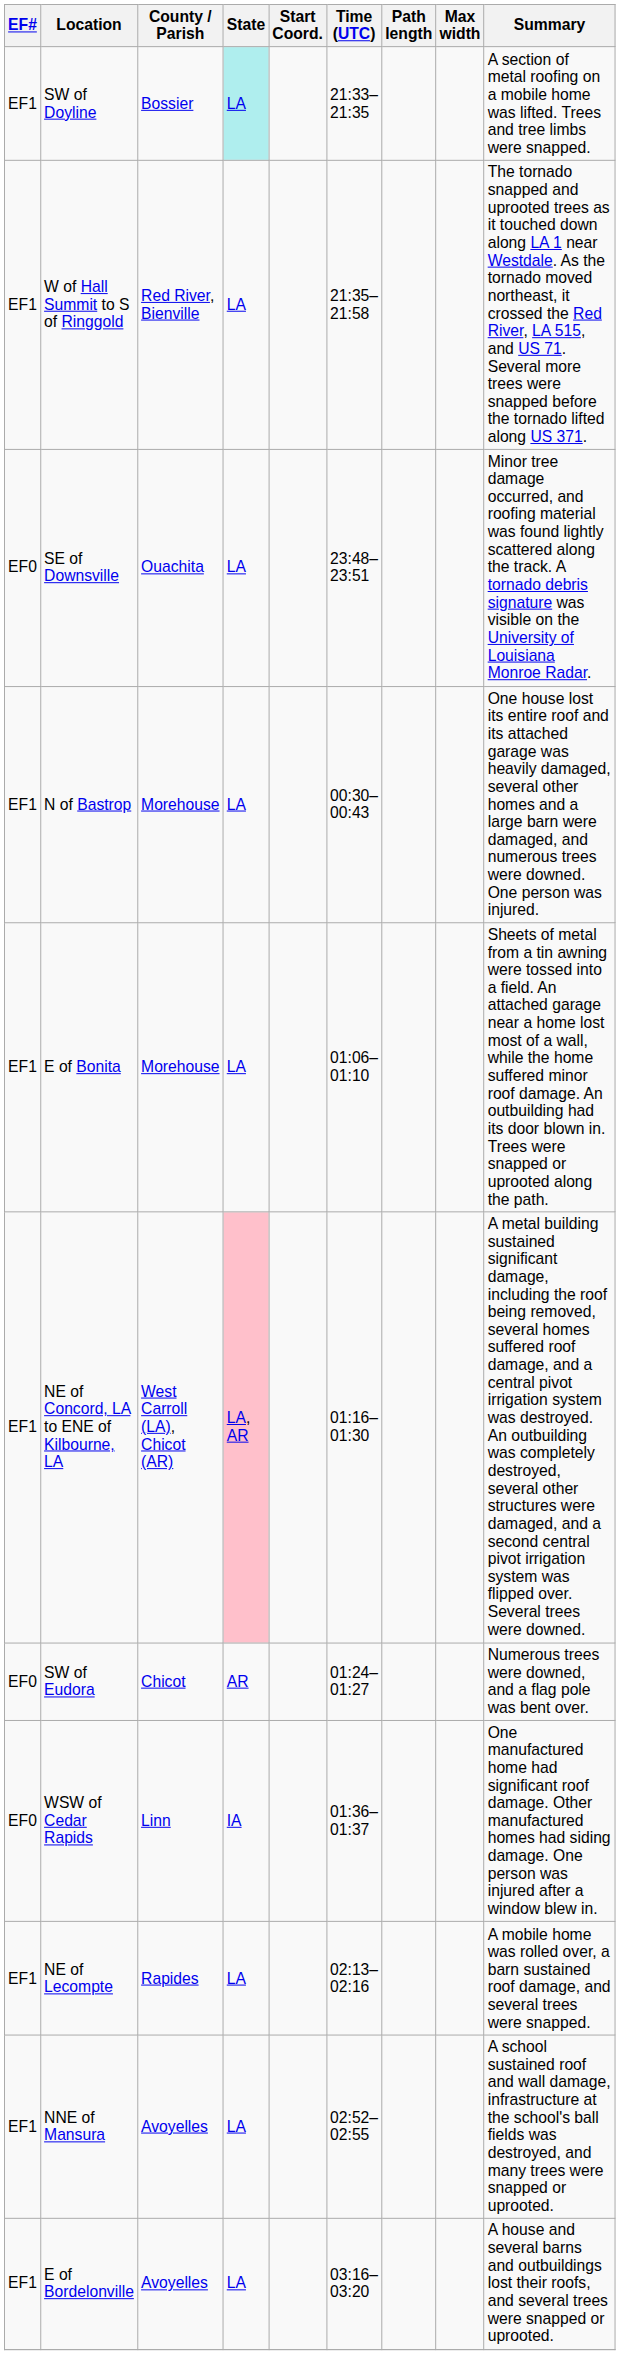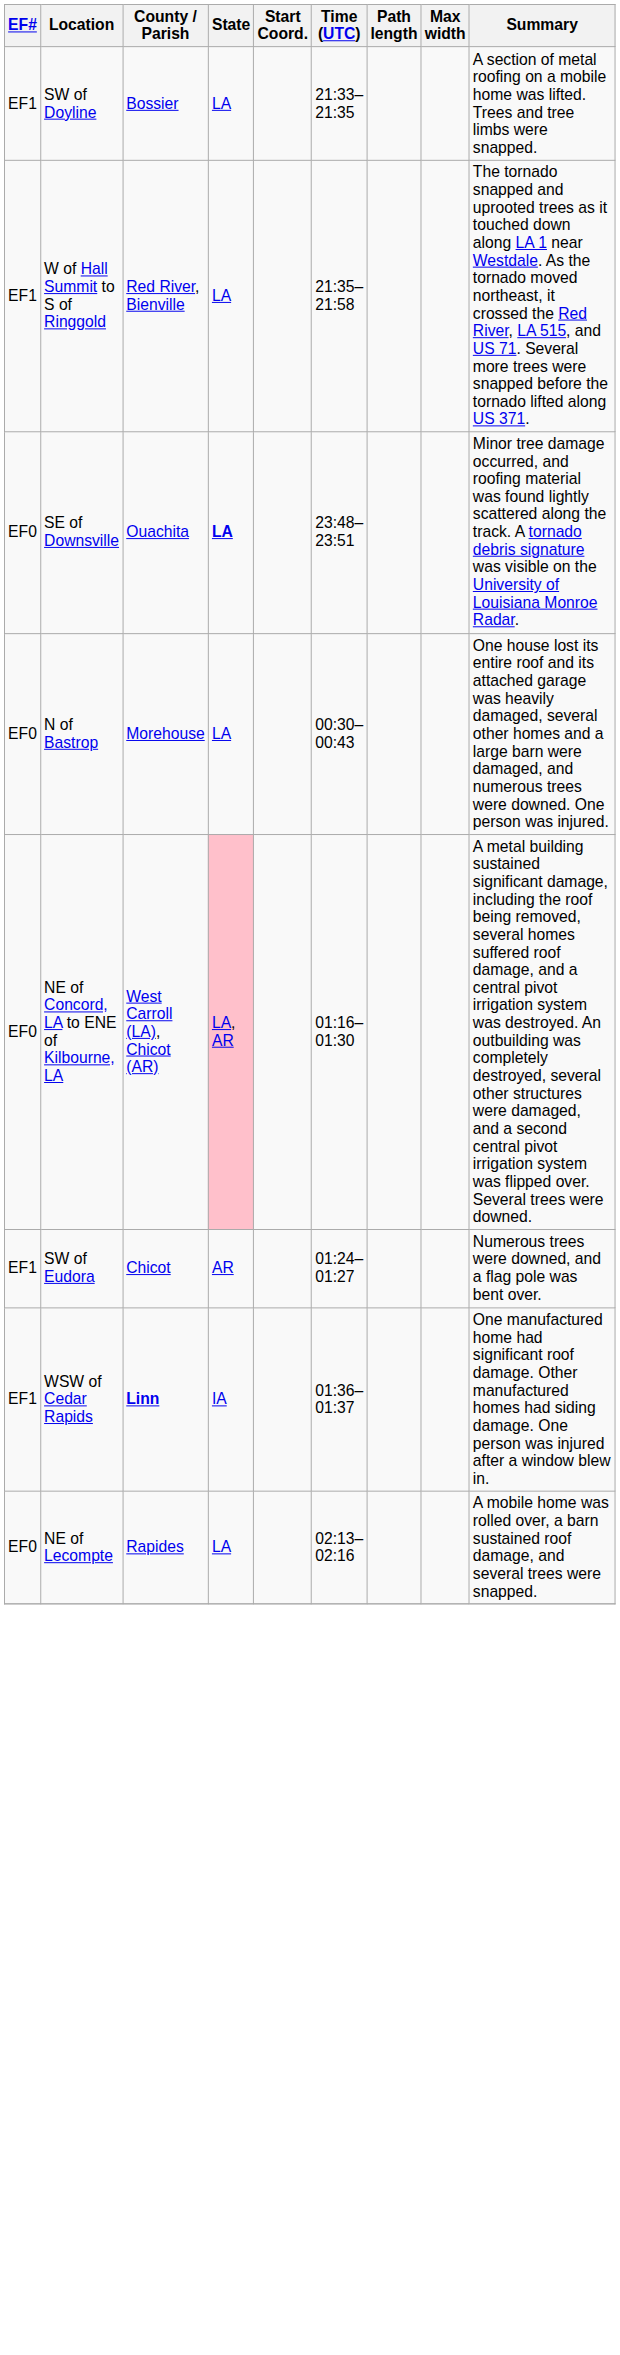 <table class="wikitable sortable" style="width:100%;">
 <tr>
 <th scope="col"  style="width:3%; text-align:center;"><a href='#'>EF#</a></th>
 <th scope="col"  style="width:7%; text-align:center;" class="unsortable">Location</th>
 <th scope="col"  style="width:6%; text-align:center;" class="unsortable">County / Parish</th>
 <th scope="col"  style="width:5%; text-align:center;">State</th>
 <th scope="col"  style="width:6%; text-align:center;">Start Coord.</th>
 <th scope="col"  style="width:6%; text-align:center;">Time (<a href='#'>UTC</a>)</th>
 <th scope="col"  style="width:6%; text-align:center;">Path length</th>
 <th scope="col"  style="width:6%; text-align:center;">Max width</th>
 <th scope="col" class="unsortable" style="width:48%; text-align:center;">Summary</th>
 </tr>
 <tr>
 <td>EF1</td>
 <td>SW of <a href='#'>Doyline</a></td>
 <td><a href='#'>Bossier</a></td>
-<td style="background: paleturquoise;"><a href='#'>LA</a></td>
+<td><a href='#'>LA</a></td>
 <td></td>
 <td>21:33–21:35</td>
 <td></td>
 <td></td>
 <td>A section of metal roofing on a mobile home was lifted. Trees and tree limbs were snapped.</td>
 </tr>
 <tr>
 <td>EF1</td>
 <td>W of <a href='#'>Hall Summit</a> to S of <a href='#'>Ringgold</a></td>
 <td><a href='#'>Red River</a>, <a href='#'>Bienville</a></td>
 <td><a href='#'>LA</a></td>
 <td></td>
 <td>21:35–21:58</td>
 <td></td>
 <td></td>
 <td>The tornado snapped and uprooted trees as it touched down along <a href='#'>LA 1</a> near <a href='#'>Westdale</a>. As the tornado moved northeast, it crossed the <a href='#'>Red River</a>, <a href='#'>LA 515</a>, and <a href='#'>US 71</a>. Several more trees were snapped before the tornado lifted along <a href='#'>US 371</a>.</td>
 </tr>
 <tr>
 <td>EF0</td>
 <td>SE of <a href='#'>Downsville</a></td>
 <td><a href='#'>Ouachita</a></td>
-<td><a href='#'>LA</a></td>
+<td><strong><a href='#'>LA</a></strong></td>
 <td></td>
 <td>23:48–23:51</td>
 <td></td>
 <td></td>
 <td>Minor tree damage occurred, and roofing material was found lightly scattered along the track. A <a href='#'>tornado debris signature</a> was visible on the <a href='#'>University of Louisiana Monroe Radar</a>.</td>
 </tr>
 <tr>
-<td>EF1</td>
+<td>EF0</td>
 <td>N of <a href='#'>Bastrop</a></td>
 <td><a href='#'>Morehouse</a></td>
 <td><a href='#'>LA</a></td>
 <td></td>
 <td>00:30–00:43</td>
 <td></td>
 <td></td>
 <td>One house lost its entire roof and its attached garage was heavily damaged, several other homes and a large barn were damaged, and numerous trees were downed. One person was injured.</td>
 </tr>
 <tr>
-<td>EF1</td>
-<td>E of <a href='#'>Bonita</a></td>
-<td><a href='#'>Morehouse</a></td>
-<td><a href='#'>LA</a></td>
-<td></td>
-<td>01:06–01:10</td>
-<td></td>
-<td></td>
-<td>Sheets of metal from a tin awning were tossed into a field. An attached garage near a home lost most of a wall, while the home suffered minor roof damage. An outbuilding had its door blown in. Trees were snapped or uprooted along the path.</td>
-</tr>
-<tr>
-<td>EF1</td>
+<td>EF0</td>
 <td>NE of <a href='#'>Concord, LA</a> to ENE of <a href='#'>Kilbourne, LA</a></td>
 <td><a href='#'>West Carroll (LA)</a>, <a href='#'>Chicot (AR)</a></td>
 <td style="background: pink;"><a href='#'>LA</a>, <a href='#'>AR</a></td>
 <td></td>
 <td>01:16–01:30</td>
 <td></td>
 <td></td>
 <td>A metal building sustained significant damage, including the roof being removed, several homes suffered roof damage, and a central pivot irrigation system was destroyed. An outbuilding was completely destroyed, several other structures were damaged, and a second central pivot irrigation system was flipped over. Several trees were downed.</td>
 </tr>
 <tr>
-<td>EF0</td>
+<td>EF1</td>
 <td>SW of <a href='#'>Eudora</a></td>
 <td><a href='#'>Chicot</a></td>
 <td><a href='#'>AR</a></td>
 <td></td>
 <td>01:24–01:27</td>
 <td></td>
 <td></td>
 <td>Numerous trees were downed, and a flag pole was bent over.</td>
 </tr>
 <tr>
-<td>EF0</td>
+<td>EF1</td>
 <td>WSW of <a href='#'>Cedar Rapids</a></td>
-<td><a href='#'>Linn</a></td>
+<td><strong><a href='#'>Linn</a></strong></td>
 <td><a href='#'>IA</a></td>
 <td></td>
 <td>01:36–01:37</td>
 <td></td>
 <td></td>
 <td>One manufactured home had significant roof damage. Other manufactured homes had siding damage. One person was injured after a window blew in.</td>
 </tr>
 <tr>
-<td>EF1</td>
+<td>EF0</td>
 <td>NE of <a href='#'>Lecompte</a></td>
 <td><a href='#'>Rapides</a></td>
 <td><a href='#'>LA</a></td>
 <td></td>
 <td>02:13–02:16</td>
 <td></td>
 <td></td>
 <td>A mobile home was rolled over, a barn sustained roof damage, and several trees were snapped.</td>
 </tr>
 <tr>
-<td>EF1</td>
-<td>NNE of <a href='#'>Mansura</a></td>
-<td><a href='#'>Avoyelles</a></td>
-<td><a href='#'>LA</a></td>
-<td></td>
-<td>02:52–02:55</td>
-<td></td>
-<td></td>
-<td>A school sustained roof and wall damage, infrastructure at the school's ball fields was destroyed, and many trees were snapped or uprooted.</td>
-</tr>
-<tr>
-<td>EF1</td>
-<td>E of <a href='#'>Bordelonville</a></td>
-<td><a href='#'>Avoyelles</a></td>
-<td><a href='#'>LA</a></td>
-<td></td>
-<td>03:16–03:20</td>
-<td></td>
-<td></td>
-<td>A house and several barns and outbuildings lost their roofs, and several trees were snapped or uprooted.</td>
-</tr>
-<tr>
 </tr>
 </table>
